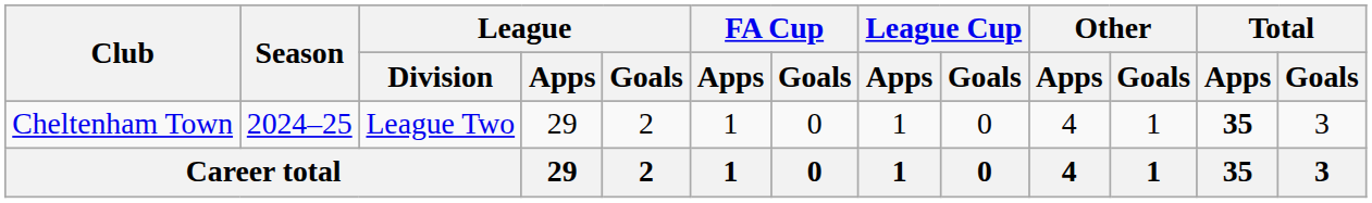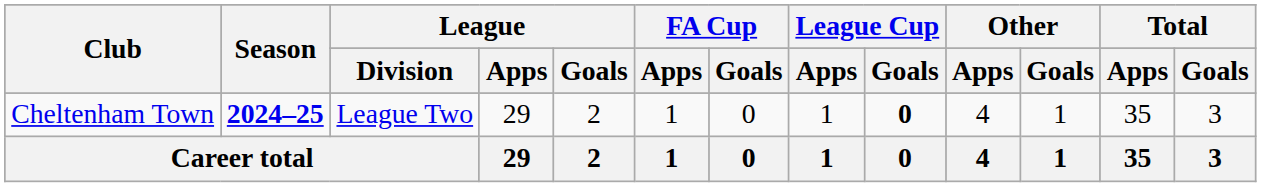 <table class=wikitable style=text-align:center>
 <tr>
 <th rowspan=2>Club</th>
 <th rowspan=2>Season</th>
 <th colspan=3>League</th>
 <th colspan=2><a href='#'>FA Cup</a></th>
 <th colspan=2><a href='#'>League Cup</a></th>
 <th colspan=2>Other</th>
 <th colspan=2>Total</th>
 </tr>
 <tr>
 <th>Division</th>
 <th>Apps</th>
 <th>Goals</th>
 <th>Apps</th>
 <th>Goals</th>
 <th>Apps</th>
 <th>Goals</th>
 <th>Apps</th>
 <th>Goals</th>
 <th>Apps</th>
 <th>Goals</th>
 </tr>
 <tr>
 <td><a href='#'>Cheltenham Town</a></td>
-<td><a href='#'>2024–25</a></td>
+<td><strong><a href='#'>2024–25</a></strong></td>
 <td><a href='#'>League Two</a></td>
 <td>29</td>
 <td>2</td>
 <td>1</td>
 <td>0</td>
 <td>1</td>
-<td>0</td>
+<td><strong>0</strong></td>
 <td>4</td>
 <td>1</td>
-<td><strong>35</strong></td>
+<td>35</td>
 <td>3</td>
 </tr>
 <tr>
 <th colspan="3">Career total</th>
 <th>29</th>
 <th>2</th>
 <th>1</th>
 <th>0</th>
 <th>1</th>
 <th>0</th>
 <th>4</th>
 <th>1</th>
 <th>35</th>
 <th>3</th>
 </tr>
 </table>
